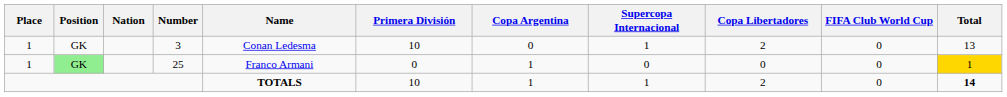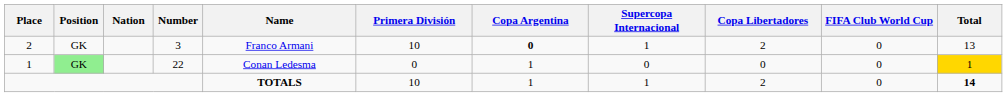 <table class="wikitable" style="font-size: 95%; text-align: center;">
 <tr>
 <th width=60>Place</th>
 <th width=60>Position</th>
 <th width=60>Nation</th>
 <th width=60>Number</th>
 <th width=200>Name</th>
 <th width=150><a href='#'>Primera División</a></th>
 <th width=150><a href='#'>Copa Argentina</a></th>
 <th width=150><a href='#'>Supercopa Internacional</a></th>
 <th width=150><a href='#'>Copa Libertadores</a></th>
 <th width=150><a href='#'>FIFA Club World Cup</a></th>
 <th width=80><strong>Total</strong></th>
 </tr>
 <tr>
-<td>1</td>
+<td>2</td>
 <td>GK</td>
 <td></td>
 <td>3</td>
-<td><a href='#'>Conan Ledesma</a></td>
+<td><a href='#'>Franco Armani</a></td>
 <td>10</td>
-<td>0</td>
+<td><strong>0</strong></td>
 <td>1</td>
 <td>2</td>
 <td>0</td>
 <td>13</td>
 </tr>
 <tr>
 <td>1</td>
 <td style="background: lightgreen;">GK</td>
 <td></td>
-<td>25</td>
-<td><a href='#'>Franco Armani</a></td>
+<td>22</td>
+<td><a href='#'>Conan Ledesma</a></td>
 <td>0</td>
 <td>1</td>
 <td>0</td>
 <td>0</td>
 <td>0</td>
 <td style="background: gold;">1</td>
 </tr>
 <tr>
 <td colspan="4"></td>
 <td><strong>TOTALS</strong></td>
 <td>10</td>
 <td>1</td>
 <td>1</td>
 <td>2</td>
 <td>0</td>
 <td><strong>14</strong></td>
 </tr>
 </table>
